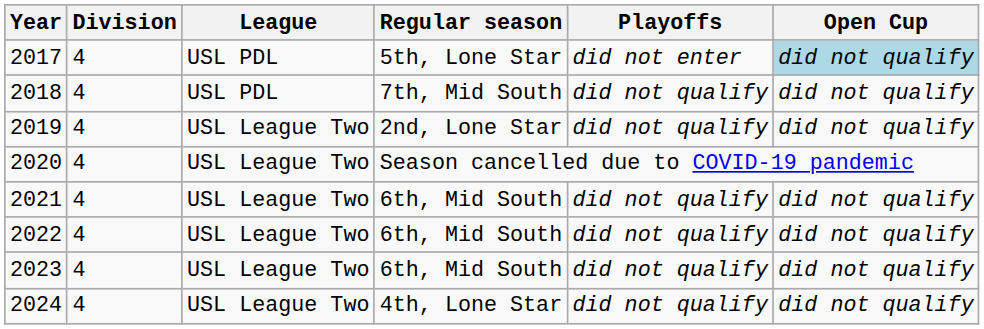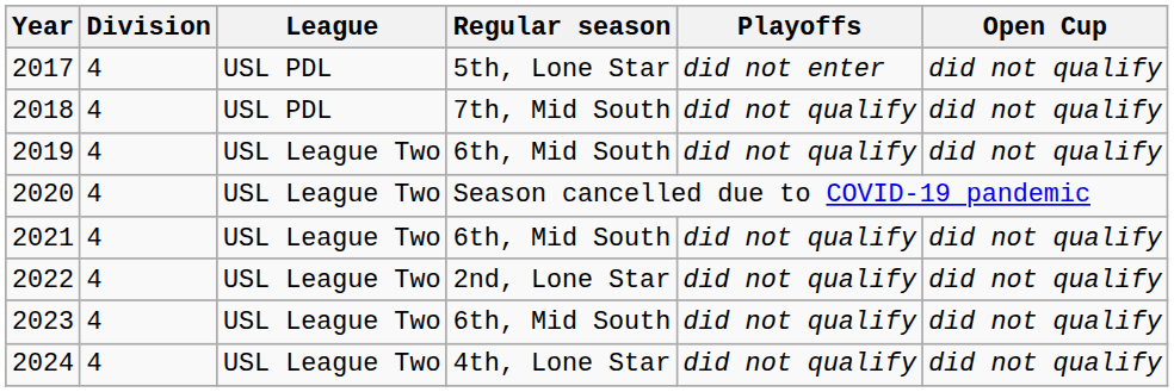 <table class="wikitable">
 <tr>
 <th>Year</th>
 <th>Division</th>
 <th>League</th>
 <th>Regular season</th>
 <th>Playoffs</th>
 <th>Open Cup</th>
 </tr>
 <tr>
 <td>2017</td>
 <td>4</td>
 <td>USL PDL</td>
 <td>5th, Lone Star</td>
 <td><em>did not enter</em></td>
-<td style="background: lightblue;"><em>did not qualify</em></td>
+<td><em>did not qualify</em></td>
 </tr>
 <tr>
 <td>2018</td>
 <td>4</td>
 <td>USL PDL</td>
 <td>7th, Mid South</td>
 <td><em>did not qualify</em></td>
 <td><em>did not qualify</em></td>
 </tr>
 <tr>
 <td>2019</td>
 <td>4</td>
 <td>USL League Two</td>
-<td>2nd, Lone Star</td>
+<td>6th, Mid South</td>
 <td><em>did not qualify</em></td>
 <td><em>did not qualify</em></td>
 </tr>
 <tr>
 <td>2020</td>
 <td>4</td>
 <td>USL League Two</td>
 <td colspan=3>Season cancelled due to <a href='#'>COVID-19 pandemic</a></td>
 </tr>
 <tr>
 <td>2021</td>
 <td>4</td>
 <td>USL League Two</td>
 <td>6th, Mid South</td>
 <td><em>did not qualify</em></td>
 <td><em>did not qualify</em></td>
 </tr>
 <tr>
 <td>2022</td>
 <td>4</td>
 <td>USL League Two</td>
-<td>6th, Mid South</td>
+<td>2nd, Lone Star</td>
 <td><em>did not qualify</em></td>
 <td><em>did not qualify</em></td>
 </tr>
 <tr>
 <td>2023</td>
 <td>4</td>
 <td>USL League Two</td>
 <td>6th, Mid South</td>
 <td><em>did not qualify</em></td>
 <td><em>did not qualify</em></td>
 </tr>
 <tr>
 <td>2024</td>
 <td>4</td>
 <td>USL League Two</td>
 <td>4th, Lone Star</td>
 <td><em>did not qualify</em></td>
 <td><em>did not qualify</em></td>
 </tr>
 </table>
